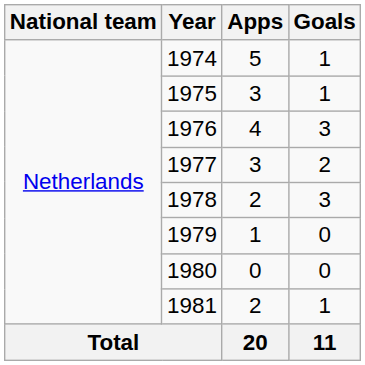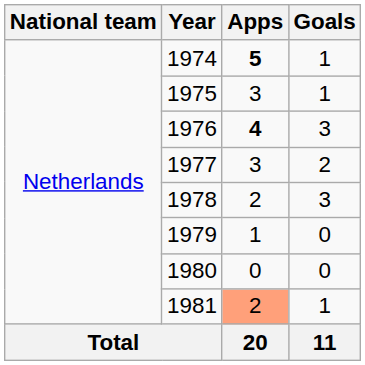 <table class="wikitable" style="text-align:center">
 <tr>
 <th>National team</th>
 <th>Year</th>
 <th>Apps</th>
 <th>Goals</th>
 </tr>
 <tr>
 <td rowspan="8"><a href='#'>Netherlands</a></td>
 <td>1974</td>
-<td>5</td>
+<td><strong>5</strong></td>
 <td>1</td>
 </tr>
 <tr>
 <td>1975</td>
 <td>3</td>
 <td>1</td>
 </tr>
 <tr>
 <td>1976</td>
-<td>4</td>
+<td><strong>4</strong></td>
 <td>3</td>
 </tr>
 <tr>
 <td>1977</td>
 <td>3</td>
 <td>2</td>
 </tr>
 <tr>
 <td>1978</td>
 <td>2</td>
 <td>3</td>
 </tr>
 <tr>
 <td>1979</td>
 <td>1</td>
 <td>0</td>
 </tr>
 <tr>
 <td>1980</td>
 <td>0</td>
 <td>0</td>
 </tr>
 <tr>
 <td>1981</td>
-<td>2</td>
+<td style="background: lightsalmon;">2</td>
 <td>1</td>
 </tr>
 <tr>
 <th colspan="2">Total</th>
 <th>20</th>
 <th>11</th>
 </tr>
 </table>
